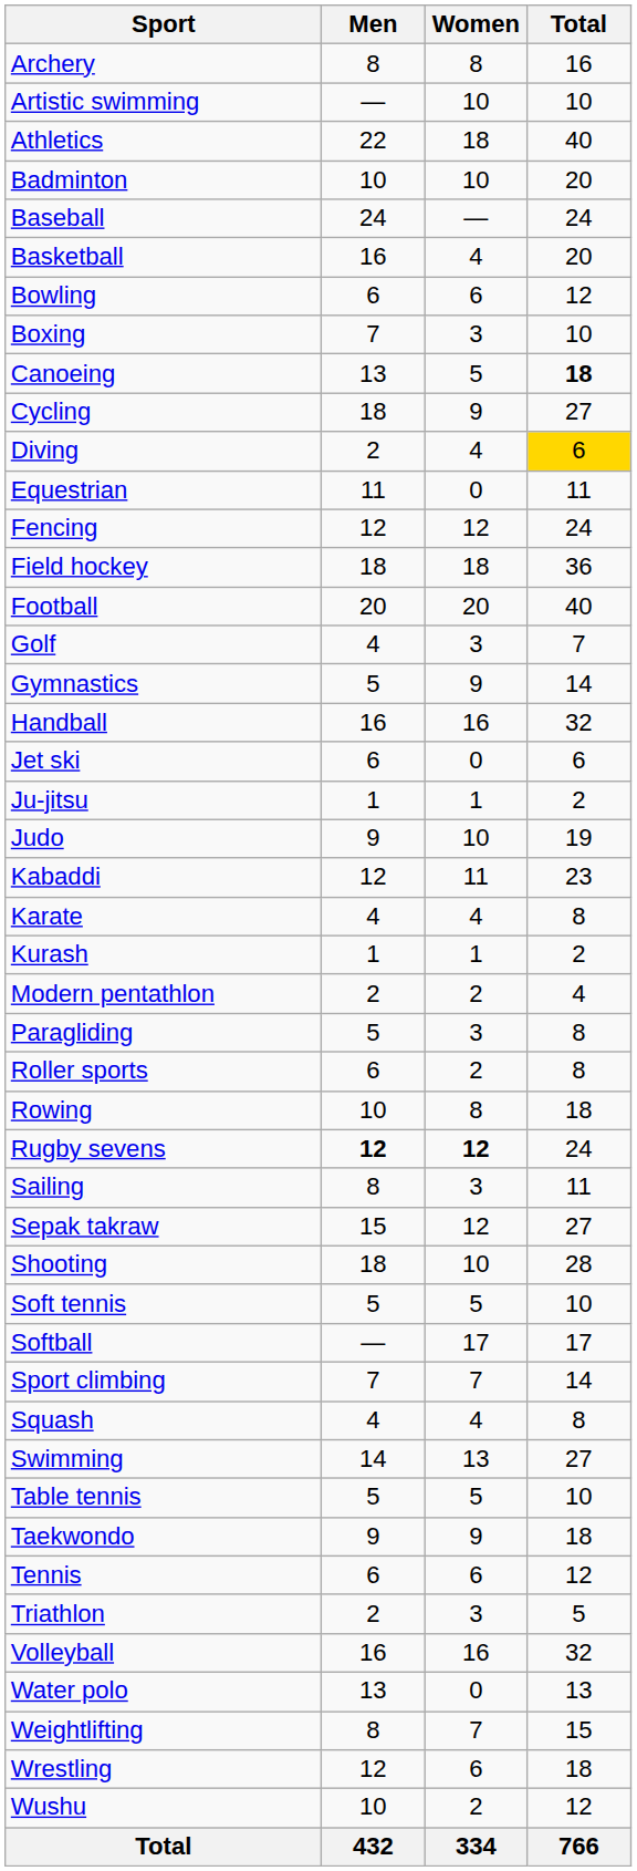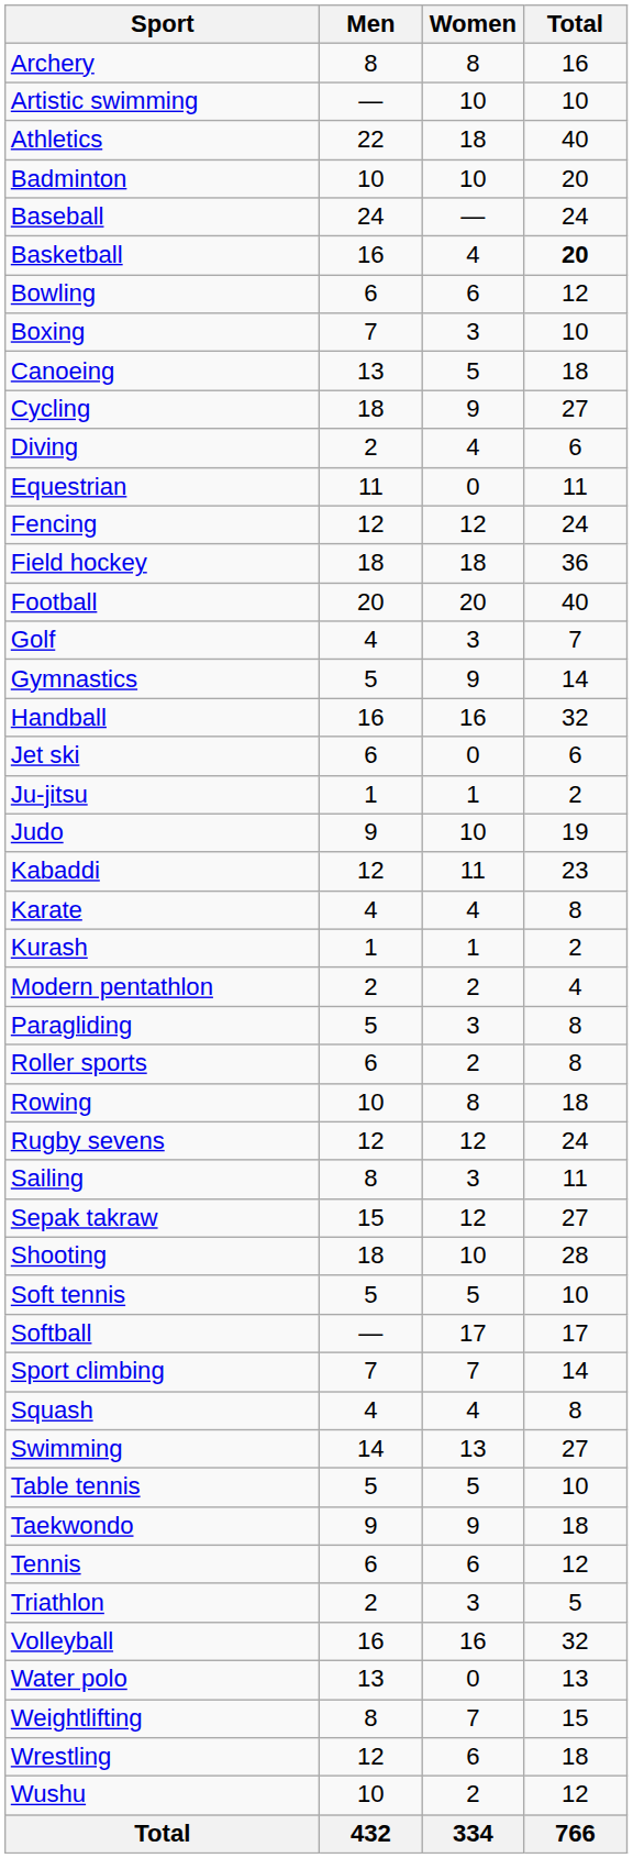 <table class="wikitable" style="text-align:center;">
 <tr>
 <th width=200>Sport</th>
 <th width=60>Men</th>
 <th width=60>Women</th>
 <th width=60>Total</th>
 </tr>
 <tr>
 <td align=left><a href='#'>Archery</a></td>
 <td>8</td>
 <td>8</td>
 <td>16</td>
 </tr>
 <tr>
 <td align=left><a href='#'>Artistic swimming</a></td>
 <td>—</td>
 <td>10</td>
 <td>10</td>
 </tr>
 <tr>
 <td align=left><a href='#'>Athletics</a></td>
 <td>22</td>
 <td>18</td>
 <td>40</td>
 </tr>
 <tr>
 <td align=left><a href='#'>Badminton</a></td>
 <td>10</td>
 <td>10</td>
 <td>20</td>
 </tr>
 <tr>
 <td align=left><a href='#'>Baseball</a></td>
 <td>24</td>
 <td>—</td>
 <td>24</td>
 </tr>
 <tr>
 <td align=left><a href='#'>Basketball</a></td>
 <td>16</td>
 <td>4</td>
-<td>20</td>
+<td><strong>20</strong></td>
 </tr>
 <tr>
 <td align=left><a href='#'>Bowling</a></td>
 <td>6</td>
 <td>6</td>
 <td>12</td>
 </tr>
 <tr>
 <td align=left><a href='#'>Boxing</a></td>
 <td>7</td>
 <td>3</td>
 <td>10</td>
 </tr>
 <tr>
 <td align=left><a href='#'>Canoeing</a></td>
 <td>13</td>
 <td>5</td>
-<td><strong>18</strong></td>
+<td>18</td>
 </tr>
 <tr>
 <td align=left><a href='#'>Cycling</a></td>
 <td>18</td>
 <td>9</td>
 <td>27</td>
 </tr>
 <tr>
 <td align=left><a href='#'>Diving</a></td>
 <td>2</td>
 <td>4</td>
-<td style="background: gold;">6</td>
+<td>6</td>
 </tr>
 <tr>
 <td align=left><a href='#'>Equestrian</a></td>
 <td>11</td>
 <td>0</td>
 <td>11</td>
 </tr>
 <tr>
 <td align=left><a href='#'>Fencing</a></td>
 <td>12</td>
 <td>12</td>
 <td>24</td>
 </tr>
 <tr>
 <td align=left><a href='#'>Field hockey</a></td>
 <td>18</td>
 <td>18</td>
 <td>36</td>
 </tr>
 <tr>
 <td align=left><a href='#'>Football</a></td>
 <td>20</td>
 <td>20</td>
 <td>40</td>
 </tr>
 <tr>
 <td align=left><a href='#'>Golf</a></td>
 <td>4</td>
 <td>3</td>
 <td>7</td>
 </tr>
 <tr>
 <td align=left><a href='#'>Gymnastics</a></td>
 <td>5</td>
 <td>9</td>
 <td>14</td>
 </tr>
 <tr>
 <td align=left><a href='#'>Handball</a></td>
 <td>16</td>
 <td>16</td>
 <td>32</td>
 </tr>
 <tr>
 <td align=left><a href='#'>Jet ski</a></td>
 <td>6</td>
 <td>0</td>
 <td>6</td>
 </tr>
 <tr>
 <td align=left><a href='#'>Ju-jitsu</a></td>
 <td>1</td>
 <td>1</td>
 <td>2</td>
 </tr>
 <tr>
 <td align=left><a href='#'>Judo</a></td>
 <td>9</td>
 <td>10</td>
 <td>19</td>
 </tr>
 <tr>
 <td align=left><a href='#'>Kabaddi</a></td>
 <td>12</td>
 <td>11</td>
 <td>23</td>
 </tr>
 <tr>
 <td align=left><a href='#'>Karate</a></td>
 <td>4</td>
 <td>4</td>
 <td>8</td>
 </tr>
 <tr>
 <td align=left><a href='#'>Kurash</a></td>
 <td>1</td>
 <td>1</td>
 <td>2</td>
 </tr>
 <tr>
 <td align=left><a href='#'>Modern pentathlon</a></td>
 <td>2</td>
 <td>2</td>
 <td>4</td>
 </tr>
 <tr>
 <td align=left><a href='#'>Paragliding</a></td>
 <td>5</td>
 <td>3</td>
 <td>8</td>
 </tr>
 <tr>
 <td align=left><a href='#'>Roller sports</a></td>
 <td>6</td>
 <td>2</td>
 <td>8</td>
 </tr>
 <tr>
 <td align=left><a href='#'>Rowing</a></td>
 <td>10</td>
 <td>8</td>
 <td>18</td>
 </tr>
 <tr>
 <td align=left><a href='#'>Rugby sevens</a></td>
-<td><strong>12</strong></td>
-<td><strong>12</strong></td>
+<td>12</td>
+<td>12</td>
 <td>24</td>
 </tr>
 <tr>
 <td align=left><a href='#'>Sailing</a></td>
 <td>8</td>
 <td>3</td>
 <td>11</td>
 </tr>
 <tr>
 <td align=left><a href='#'>Sepak takraw</a></td>
 <td>15</td>
 <td>12</td>
 <td>27</td>
 </tr>
 <tr>
 <td align=left><a href='#'>Shooting</a></td>
 <td>18</td>
 <td>10</td>
 <td>28</td>
 </tr>
 <tr>
 <td align=left><a href='#'>Soft tennis</a></td>
 <td>5</td>
 <td>5</td>
 <td>10</td>
 </tr>
 <tr>
 <td align=left><a href='#'>Softball</a></td>
 <td>—</td>
 <td>17</td>
 <td>17</td>
 </tr>
 <tr>
 <td align=left><a href='#'>Sport climbing</a></td>
 <td>7</td>
 <td>7</td>
 <td>14</td>
 </tr>
 <tr>
 <td align=left><a href='#'>Squash</a></td>
 <td>4</td>
 <td>4</td>
 <td>8</td>
 </tr>
 <tr>
 <td align=left><a href='#'>Swimming</a></td>
 <td>14</td>
 <td>13</td>
 <td>27</td>
 </tr>
 <tr>
 <td align=left><a href='#'>Table tennis</a></td>
 <td>5</td>
 <td>5</td>
 <td>10</td>
 </tr>
 <tr>
 <td align=left><a href='#'>Taekwondo</a></td>
 <td>9</td>
 <td>9</td>
 <td>18</td>
 </tr>
 <tr>
 <td align=left><a href='#'>Tennis</a></td>
 <td>6</td>
 <td>6</td>
 <td>12</td>
 </tr>
 <tr>
 <td align=left><a href='#'>Triathlon</a></td>
 <td>2</td>
 <td>3</td>
 <td>5</td>
 </tr>
 <tr>
 <td align=left><a href='#'>Volleyball</a></td>
 <td>16</td>
 <td>16</td>
 <td>32</td>
 </tr>
 <tr>
 <td align=left><a href='#'>Water polo</a></td>
 <td>13</td>
 <td>0</td>
 <td>13</td>
 </tr>
 <tr>
 <td align=left><a href='#'>Weightlifting</a></td>
 <td>8</td>
 <td>7</td>
 <td>15</td>
 </tr>
 <tr>
 <td align=left><a href='#'>Wrestling</a></td>
 <td>12</td>
 <td>6</td>
 <td>18</td>
 </tr>
 <tr>
 <td align=left><a href='#'>Wushu</a></td>
 <td>10</td>
 <td>2</td>
 <td>12</td>
 </tr>
 <tr>
 <th>Total</th>
 <th>432</th>
 <th>334</th>
 <th>766</th>
 </tr>
 </table>
